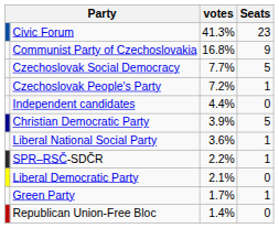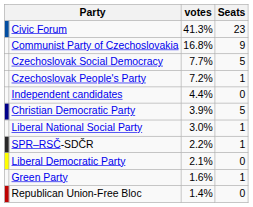 <table class=wikitable style=text-align:right>
 <tr>
 <th colspan=2>Party</th>
 <th>votes</th>
 <th>Seats</th>
 </tr>
 <tr>
 <td bgcolor=#034EA2></td>
 <td align=left><a href='#'>Civic Forum</a></td>
 <td>41.3%</td>
 <td>23</td>
 </tr>
 <tr>
 <td></td>
 <td align=left><a href='#'>Communist Party of Czechoslovakia</a></td>
 <td>16.8%</td>
 <td>9</td>
 </tr>
 <tr>
 <td></td>
 <td align=left><a href='#'>Czechoslovak Social Democracy</a></td>
 <td>7.7%</td>
 <td>5</td>
 </tr>
 <tr>
 <td></td>
 <td align=left><a href='#'>Czechoslovak People's Party</a></td>
 <td>7.2%</td>
 <td>1</td>
 </tr>
 <tr>
 <td></td>
 <td align=left><a href='#'>Independent candidates</a></td>
 <td>4.4%</td>
 <td>0</td>
 </tr>
 <tr>
 <td style="background:#00008B;"></td>
 <td align=left><a href='#'>Christian Democratic Party</a></td>
 <td>3.9%</td>
 <td>5</td>
 </tr>
 <tr>
 <td></td>
 <td align=left><a href='#'>Liberal National Social Party</a></td>
-<td>3.6%</td>
+<td>3.0%</td>
 <td>1</td>
 </tr>
 <tr>
 <td style="background:#292829;"></td>
 <td align=left><a href='#'>SPR–RSČ</a>-SDČR</td>
 <td>2.2%</td>
 <td>1</td>
 </tr>
 <tr>
 <td style="background:yellow;"></td>
 <td align=left><a href='#'>Liberal Democratic Party</a></td>
 <td>2.1%</td>
 <td>0</td>
 </tr>
 <tr>
 <td></td>
 <td align=left><a href='#'>Green Party</a></td>
-<td>1.7%</td>
+<td>1.6%</td>
 <td>1</td>
 </tr>
 <tr>
 <td style="background:#bf0202;"></td>
 <td align=left>Republican Union-Free Bloc</td>
 <td>1.4%</td>
 <td>0</td>
 </tr>
 </table>
